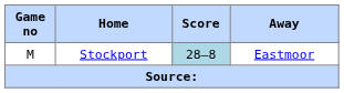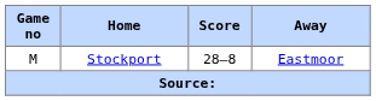 <table border=1 style="border-collapse:collapse; font-size:90%; text-align:center;" cellpadding=3 cellspacing=0 width=50%>
 <tr bgcolor=#C1D8FF>
 <th width=6%>Game no</th>
 <th width=19%>Home</th>
 <th width=6%>Score</th>
 <th width=19%>Away</th>
 </tr>
 <tr>
 <td>M</td>
 <td><a href='#'>Stockport</a></td>
-<td style="background: lightblue;">28–8</td>
+<td>28–8</td>
 <td><a href='#'>Eastmoor</a></td>
 </tr>
 <tr style="background:#c1d8ff;">
 <th colspan=4>Source:</th>
 </tr>
 </table>
